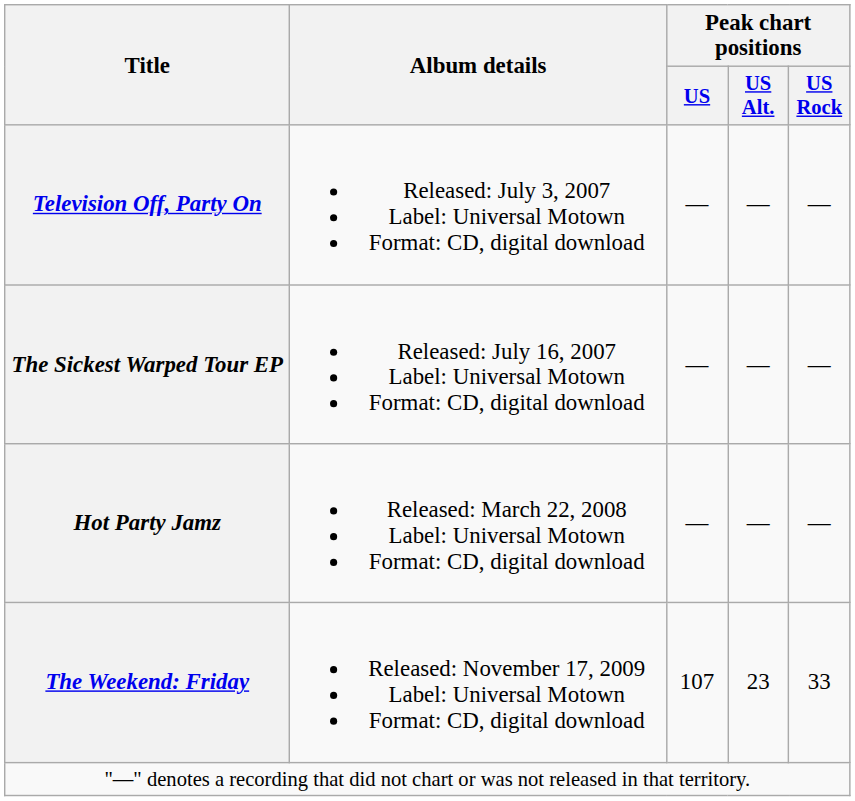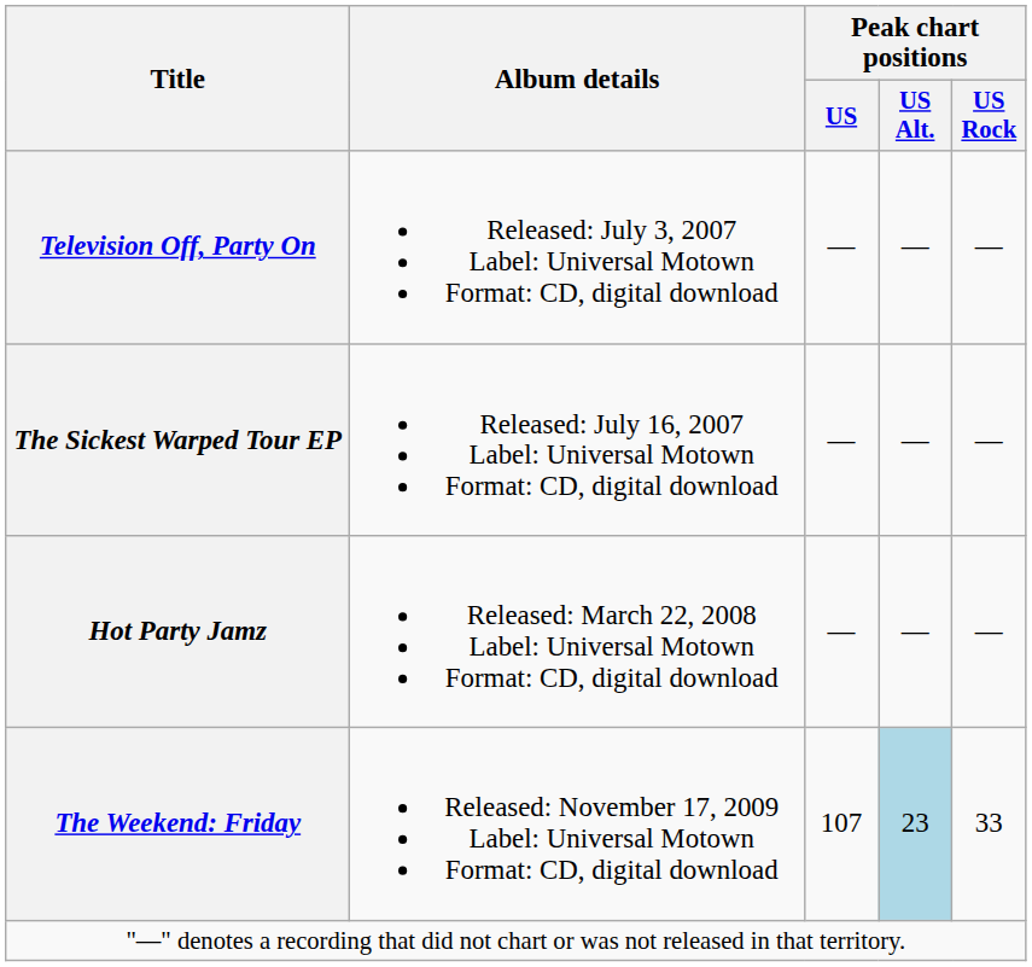 <table class="wikitable plainrowheaders" style="text-align:center;">
 <tr>
 <th scope="col" rowspan="2" style="width:12em;">Title</th>
 <th scope="col" rowspan="2" style="width:16em;">Album details</th>
 <th scope="col" colspan="3">Peak chart positions</th>
 </tr>
 <tr>
 <th scope="col" style="width:2.5em;font-size:90%;"><a href='#'>US</a><br></th>
 <th scope="col" style="width:2.5em;font-size:90%;"><a href='#'>US<br>Alt.</a><br></th>
 <th scope="col" style="width:2.5em;font-size:90%;"><a href='#'>US<br>Rock</a><br></th>
 </tr>
 <tr>
 <th scope="row"><em><a href='#'>Television Off, Party On</a></em></th>
 <td><br><ul><li>Released: July 3, 2007</li><li>Label: Universal Motown</li><li>Format: CD, digital download</li></ul></td>
 <td>—</td>
 <td>—</td>
 <td>—</td>
 </tr>
 <tr>
 <th scope="row"><em>The Sickest Warped Tour EP</em></th>
 <td><br><ul><li>Released: July 16, 2007</li><li>Label: Universal Motown</li><li>Format: CD, digital download</li></ul></td>
 <td>—</td>
 <td>—</td>
 <td>—</td>
 </tr>
 <tr>
 <th scope="row"><em>Hot Party Jamz</em></th>
 <td><br><ul><li>Released: March 22, 2008</li><li>Label: Universal Motown</li><li>Format: CD, digital download</li></ul></td>
 <td>—</td>
 <td>—</td>
 <td>—</td>
 </tr>
 <tr>
 <th scope="row"><em><a href='#'>The Weekend: Friday</a></em></th>
 <td><br><ul><li>Released: November 17, 2009</li><li>Label: Universal Motown</li><li>Format: CD, digital download</li></ul></td>
 <td>107</td>
-<td>23</td>
+<td style="background: lightblue;">23</td>
 <td>33</td>
 </tr>
 <tr>
 <td colspan="12" style="font-size:90%">"—" denotes a recording that did not chart or was not released in that territory.</td>
 </tr>
 </table>
